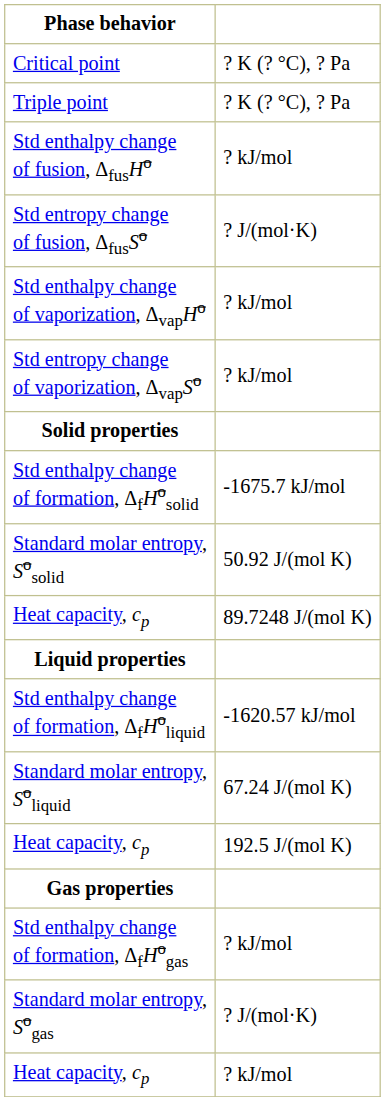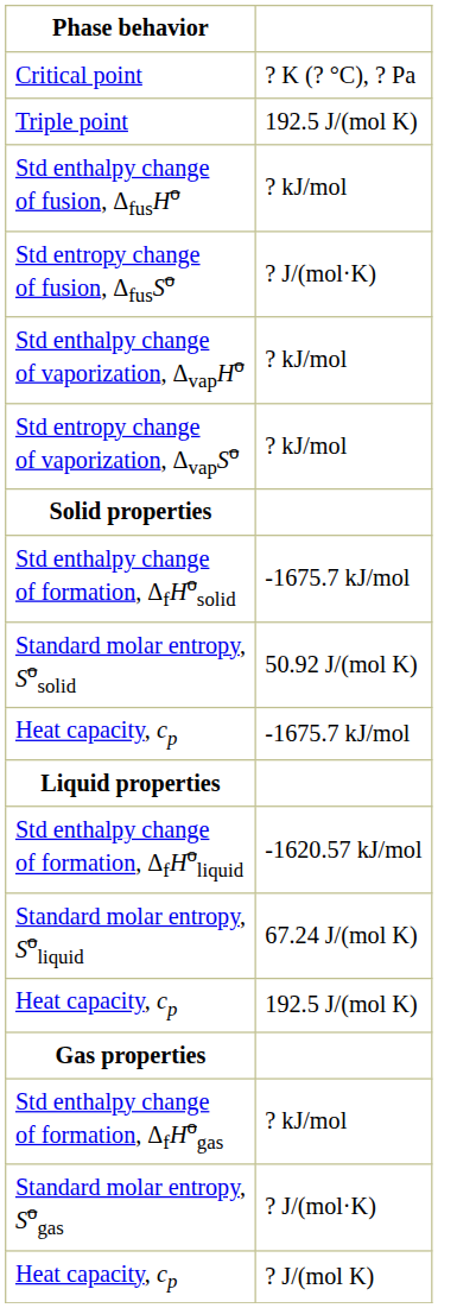 <table border="1" cellspacing="0" cellpadding="6" style="margin: 0 0 0 0.5em; background: #FFFFFF; border-collapse: collapse; border-color: #C0C090;">
 <tr>
 <th>Phase behavior</th>
 </tr>
 <tr>
 <td><a href='#'>Critical point</a></td>
 <td>? K (? °C), ? Pa</td>
 </tr>
 <tr>
 <td><a href='#'>Triple point</a></td>
-<td>? K (? °C), ? Pa</td>
+<td>192.5 J/(mol K)</td>
 </tr>
 <tr>
 <td><a href='#'>Std enthalpy change<br>of fusion</a>, Δ<sub>fus</sub><em>H</em><sup><s>o</s></sup></td>
 <td>? kJ/mol</td>
 </tr>
 <tr>
 <td><a href='#'>Std entropy change<br>of fusion</a>, Δ<sub>fus</sub><em>S</em><sup><s>o</s></sup></td>
 <td>? J/(mol·K)</td>
 </tr>
 <tr>
 <td><a href='#'>Std enthalpy change<br>of vaporization</a>, Δ<sub>vap</sub><em>H</em><sup><s>o</s></sup></td>
 <td>? kJ/mol</td>
 </tr>
 <tr>
 <td><a href='#'>Std entropy change<br>of vaporization</a>, Δ<sub>vap</sub><em>S</em><sup><s>o</s></sup></td>
 <td>? kJ/mol</td>
 </tr>
 <tr>
 <th>Solid properties</th>
 </tr>
 <tr>
 <td><a href='#'>Std enthalpy change<br>of formation</a>, Δ<sub>f</sub><em>H</em><sup><s>o</s></sup><sub>solid</sub></td>
 <td>-1675.7 kJ/mol</td>
 </tr>
 <tr>
 <td><a href='#'>Standard molar entropy</a>,<br><em>S</em><sup><s>o</s></sup><sub>solid</sub></td>
 <td>50.92 J/(mol K)</td>
 </tr>
 <tr>
 <td><a href='#'>Heat capacity</a>, <em>c<sub>p</sub></em></td>
-<td>89.7248 J/(mol K)</td>
+<td>-1675.7 kJ/mol</td>
 </tr>
 <tr>
 <th>Liquid properties</th>
 </tr>
 <tr>
 <td><a href='#'>Std enthalpy change<br>of formation</a>, Δ<sub>f</sub><em>H</em><sup><s>o</s></sup><sub>liquid</sub></td>
 <td>-1620.57 kJ/mol</td>
 </tr>
 <tr>
 <td><a href='#'>Standard molar entropy</a>,<br><em>S</em><sup><s>o</s></sup><sub>liquid</sub></td>
 <td>67.24 J/(mol K)</td>
 </tr>
 <tr>
 <td><a href='#'>Heat capacity</a>, <em>c<sub>p</sub></em></td>
 <td>192.5 J/(mol K)</td>
 </tr>
 <tr>
 <th>Gas properties</th>
 </tr>
 <tr>
 <td><a href='#'>Std enthalpy change<br>of formation</a>, Δ<sub>f</sub><em>H</em><sup><s>o</s></sup><sub>gas</sub></td>
 <td>? kJ/mol</td>
 </tr>
 <tr>
 <td><a href='#'>Standard molar entropy</a>,<br><em>S</em><sup><s>o</s></sup><sub>gas</sub></td>
 <td>? J/(mol·K)</td>
 </tr>
 <tr>
 <td><a href='#'>Heat capacity</a>, <em>c<sub>p</sub></em></td>
-<td>? kJ/mol</td>
+<td>? J/(mol K)</td>
 </tr>
 <tr>
 </tr>
 </table>
